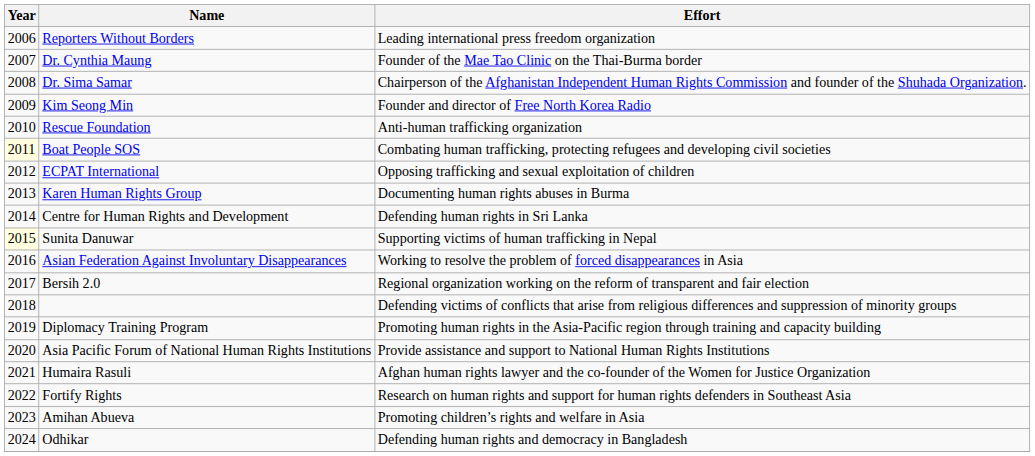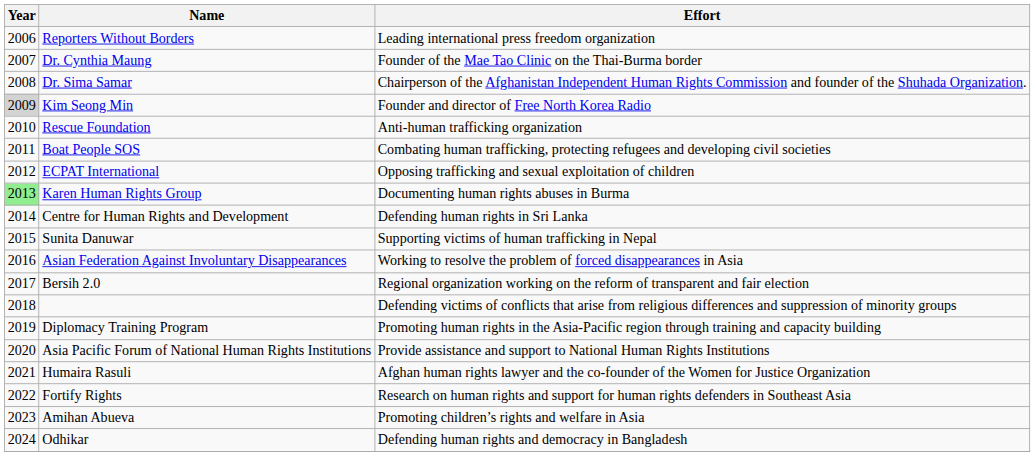 <table class="wikitable">
 <tr>
 <th>Year</th>
 <th>Name</th>
 <th>Effort</th>
 </tr>
 <tr>
 <td>2006</td>
 <td><a href='#'>Reporters Without Borders</a></td>
 <td>Leading international press freedom organization</td>
 </tr>
 <tr>
 <td>2007</td>
 <td><a href='#'>Dr. Cynthia Maung</a></td>
 <td>Founder of the <a href='#'>Mae Tao Clinic</a> on the Thai-Burma border</td>
 </tr>
 <tr>
 <td>2008</td>
 <td><a href='#'>Dr. Sima Samar</a></td>
 <td>Chairperson of the <a href='#'>Afghanistan Independent Human Rights Commission</a> and founder of the <a href='#'>Shuhada Organization</a>.</td>
 </tr>
 <tr>
-<td>2009</td>
+<td style="background: lightgrey;">2009</td>
 <td><a href='#'>Kim Seong Min</a></td>
 <td>Founder and director of <a href='#'>Free North Korea Radio</a></td>
 </tr>
 <tr>
 <td>2010</td>
 <td><a href='#'>Rescue Foundation</a></td>
 <td>Anti-human trafficking organization</td>
 </tr>
 <tr>
-<td style="background: lightyellow;">2011</td>
+<td>2011</td>
 <td><a href='#'>Boat People SOS</a></td>
 <td>Combating human trafficking, protecting refugees and developing civil societies</td>
 </tr>
 <tr>
 <td>2012</td>
 <td><a href='#'>ECPAT International</a></td>
 <td>Opposing trafficking and sexual exploitation of children</td>
 </tr>
 <tr>
-<td>2013</td>
+<td style="background: lightgreen;">2013</td>
 <td><a href='#'>Karen Human Rights Group</a></td>
 <td>Documenting human rights abuses in Burma</td>
 </tr>
 <tr>
 <td>2014</td>
 <td>Centre for Human Rights and Development</td>
 <td>Defending human rights in Sri Lanka</td>
 </tr>
 <tr>
-<td style="background: lightyellow;">2015</td>
+<td>2015</td>
 <td>Sunita Danuwar</td>
 <td>Supporting victims of human trafficking in Nepal</td>
 </tr>
 <tr>
 <td>2016</td>
 <td><a href='#'>Asian Federation Against Involuntary Disappearances</a></td>
 <td>Working to resolve the problem of <a href='#'>forced disappearances</a> in Asia</td>
 </tr>
 <tr>
 <td>2017</td>
 <td>Bersih 2.0</td>
 <td>Regional organization working on the reform of transparent and fair election</td>
 </tr>
 <tr>
 <td>2018</td>
 <td></td>
 <td>Defending victims of conflicts that arise from religious differences and suppression of minority groups</td>
 </tr>
 <tr>
 <td>2019</td>
 <td>Diplomacy Training Program</td>
 <td>Promoting human rights in the Asia-Pacific region through training and capacity building</td>
 </tr>
 <tr>
 <td>2020</td>
 <td>Asia Pacific Forum of National Human Rights Institutions</td>
 <td>Provide assistance and support to National Human Rights Institutions</td>
 </tr>
 <tr>
 <td>2021</td>
 <td>Humaira Rasuli</td>
 <td>Afghan human rights lawyer and the co-founder of the Women for Justice Organization</td>
 </tr>
 <tr>
 <td>2022</td>
 <td>Fortify Rights</td>
 <td>Research on human rights and support for human rights defenders in Southeast Asia</td>
 </tr>
 <tr>
 <td>2023</td>
 <td>Amihan Abueva</td>
 <td>Promoting children’s rights and welfare in Asia</td>
 </tr>
 <tr>
 <td>2024</td>
 <td>Odhikar</td>
 <td>Defending human rights and democracy in Bangladesh</td>
 </tr>
 <tr>
 </tr>
 </table>
